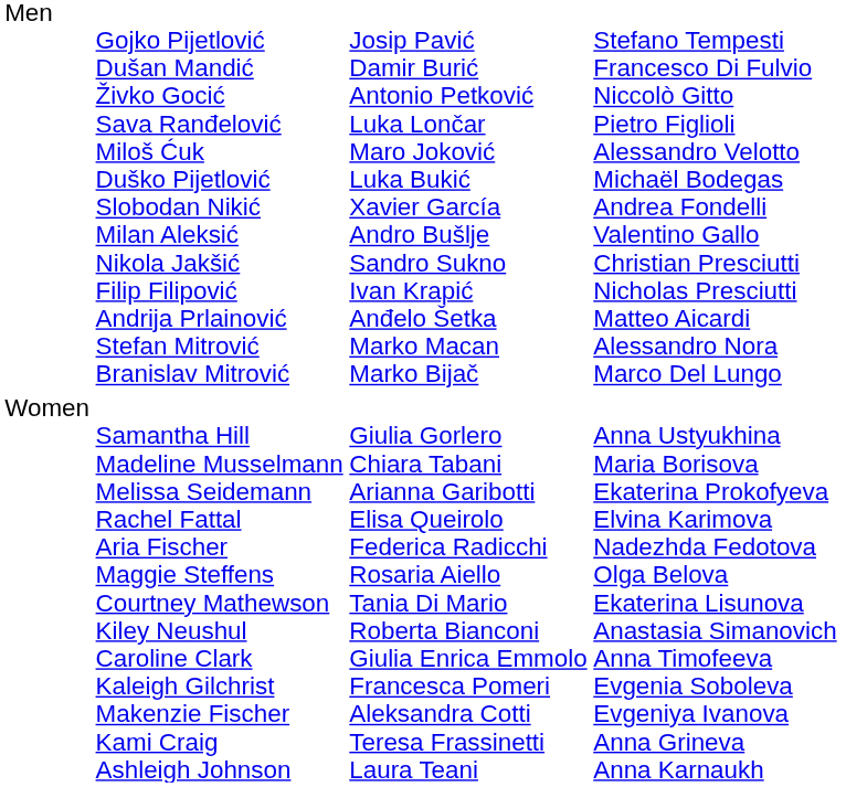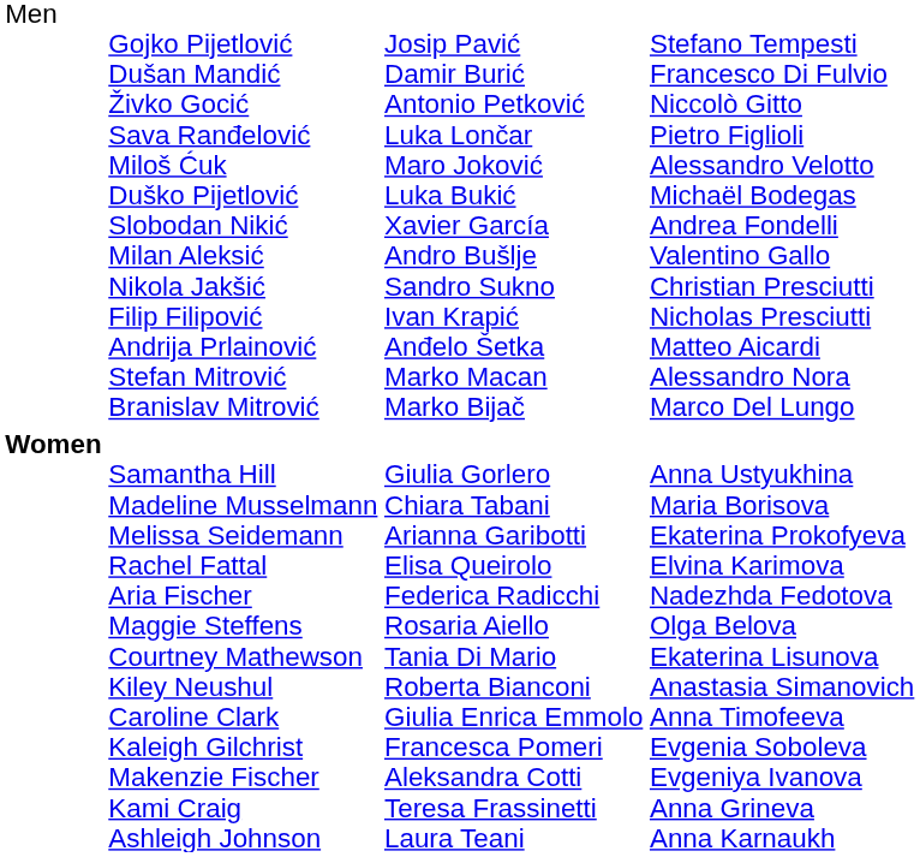 <table>
 <tr valign="top">
 <td>Men<br></td>
 <td><br><a href='#'>Gojko Pijetlović</a><br><a href='#'>Dušan Mandić</a><br><a href='#'>Živko Gocić</a><br><a href='#'>Sava Ranđelović</a><br><a href='#'>Miloš Ćuk</a><br><a href='#'>Duško Pijetlović</a><br><a href='#'>Slobodan Nikić</a><br><a href='#'>Milan Aleksić</a><br><a href='#'>Nikola Jakšić</a><br><a href='#'>Filip Filipović</a><br><a href='#'>Andrija Prlainović</a><br><a href='#'>Stefan Mitrović</a><br><a href='#'>Branislav Mitrović</a></td>
 <td><br><a href='#'>Josip Pavić</a><br><a href='#'>Damir Burić</a><br><a href='#'>Antonio Petković</a><br><a href='#'>Luka Lončar</a><br><a href='#'>Maro Joković</a><br><a href='#'>Luka Bukić</a><br><a href='#'>Xavier García</a><br><a href='#'>Andro Bušlje</a><br><a href='#'>Sandro Sukno</a><br><a href='#'>Ivan Krapić</a><br><a href='#'>Anđelo Šetka</a><br><a href='#'>Marko Macan</a><br><a href='#'>Marko Bijač</a></td>
 <td><br><a href='#'>Stefano Tempesti</a><br><a href='#'>Francesco Di Fulvio</a><br><a href='#'>Niccolò Gitto</a><br><a href='#'>Pietro Figlioli</a><br><a href='#'>Alessandro Velotto</a><br><a href='#'>Michaël Bodegas</a><br><a href='#'>Andrea Fondelli</a><br><a href='#'>Valentino Gallo</a><br><a href='#'>Christian Presciutti</a><br><a href='#'>Nicholas Presciutti</a><br><a href='#'>Matteo Aicardi</a><br><a href='#'>Alessandro Nora</a><br><a href='#'>Marco Del Lungo</a></td>
 </tr>
 <tr valign="top">
-<td>Women<br></td>
+<td><strong>Women<br></strong></td>
 <td><br><a href='#'>Samantha Hill</a><br><a href='#'>Madeline Musselmann</a><br><a href='#'>Melissa Seidemann</a><br><a href='#'>Rachel Fattal</a><br><a href='#'>Aria Fischer</a><br><a href='#'>Maggie Steffens</a><br><a href='#'>Courtney Mathewson</a><br><a href='#'>Kiley Neushul</a><br><a href='#'>Caroline Clark</a><br><a href='#'>Kaleigh Gilchrist</a><br><a href='#'>Makenzie Fischer</a><br><a href='#'>Kami Craig</a><br><a href='#'>Ashleigh Johnson</a></td>
 <td><br><a href='#'>Giulia Gorlero</a><br><a href='#'>Chiara Tabani</a><br><a href='#'>Arianna Garibotti</a><br><a href='#'>Elisa Queirolo</a><br><a href='#'>Federica Radicchi</a><br><a href='#'>Rosaria Aiello</a><br><a href='#'>Tania Di Mario</a><br><a href='#'>Roberta Bianconi</a><br><a href='#'>Giulia Enrica Emmolo</a><br><a href='#'>Francesca Pomeri</a><br><a href='#'>Aleksandra Cotti</a><br><a href='#'>Teresa Frassinetti</a><br><a href='#'>Laura Teani</a></td>
 <td><br><a href='#'>Anna Ustyukhina</a><br><a href='#'>Maria Borisova</a><br><a href='#'>Ekaterina Prokofyeva</a><br><a href='#'>Elvina Karimova</a><br><a href='#'>Nadezhda Fedotova</a><br><a href='#'>Olga Belova</a><br><a href='#'>Ekaterina Lisunova</a><br><a href='#'>Anastasia Simanovich</a><br><a href='#'>Anna Timofeeva</a><br><a href='#'>Evgenia Soboleva</a><br><a href='#'>Evgeniya Ivanova</a><br><a href='#'>Anna Grineva</a><br><a href='#'>Anna Karnaukh</a></td>
 </tr>
 </table>
